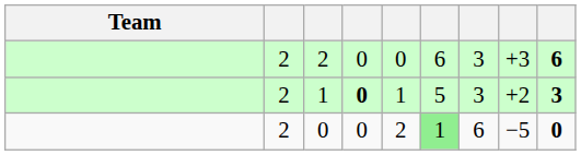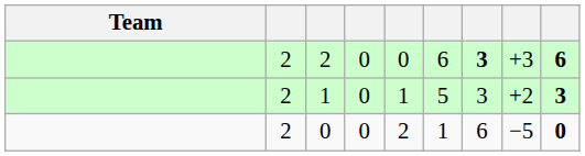 <table class="wikitable" style="text-align:center;">
 <tr>
 <th width=175>Team</th>
 <th width=20></th>
 <th width=20></th>
 <th width=20></th>
 <th width=20></th>
 <th width=20></th>
 <th width=20></th>
 <th width=20></th>
 <th width=20></th>
 </tr>
 <tr bgcolor="#ccffcc">
 <td align=left></td>
 <td>2</td>
 <td>2</td>
 <td>0</td>
 <td>0</td>
 <td>6</td>
-<td>3</td>
+<td><strong>3</strong></td>
 <td>+3</td>
 <td><strong>6</strong></td>
 </tr>
 <tr bgcolor="#ccffcc">
 <td align=left></td>
 <td>2</td>
 <td>1</td>
-<td><strong>0</strong></td>
+<td>0</td>
 <td>1</td>
 <td>5</td>
 <td>3</td>
 <td>+2</td>
 <td><strong>3</strong></td>
 </tr>
 <tr>
 <td align=left></td>
 <td>2</td>
 <td>0</td>
 <td>0</td>
 <td>2</td>
-<td style="background: lightgreen;">1</td>
+<td>1</td>
 <td>6</td>
 <td>−5</td>
 <td><strong>0</strong></td>
 </tr>
 </table>
